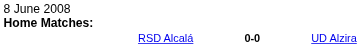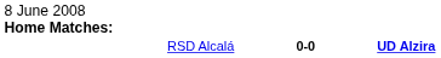 <table width=100% cellspacing=1>
 <tr>
 <th width=20%></th>
 <th width=12%></th>
 <th width=20%></th>
 <th></th>
 </tr>
 <tr>
 <td>8 June 2008<br><strong>Home Matches:</strong></td>
 </tr>
 <tr style=font-size:90%>
 <td align=right><a href='#'>RSD Alcalá</a></td>
 <td align=center><strong>0-0</strong></td>
-<td><a href='#'>UD Alzira</a></td>
+<td><strong><a href='#'>UD Alzira</a></strong></td>
 </tr>
 </table>
